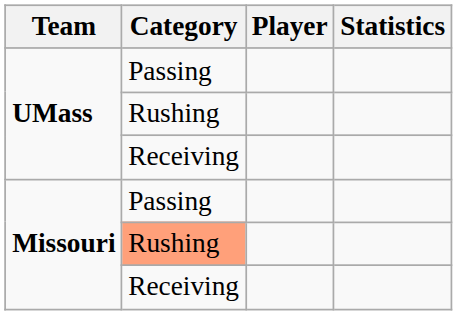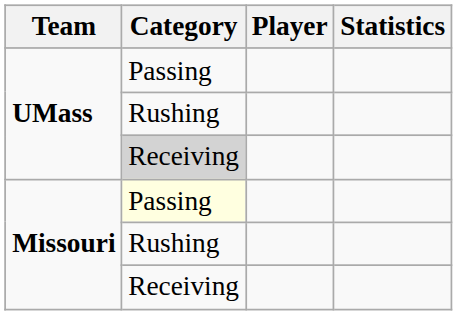 <table class="wikitable" style="float: right;">
 <tr>
 <th>Team</th>
 <th>Category</th>
 <th>Player</th>
 <th>Statistics</th>
 </tr>
 <tr>
 <td rowspan=3><strong>UMass</strong></td>
 <td>Passing</td>
 <td></td>
 <td></td>
 </tr>
 <tr>
 <td>Rushing</td>
 <td></td>
 <td></td>
 </tr>
 <tr>
-<td>Receiving</td>
+<td style="background: lightgrey;">Receiving</td>
 <td></td>
 <td></td>
 </tr>
 <tr>
 <td rowspan=3><strong>Missouri</strong></td>
-<td>Passing</td>
+<td style="background: lightyellow;">Passing</td>
 <td></td>
 <td></td>
 </tr>
 <tr>
-<td style="background: lightsalmon;">Rushing</td>
+<td>Rushing</td>
 <td></td>
 <td></td>
 </tr>
 <tr>
 <td>Receiving</td>
 <td></td>
 <td></td>
 </tr>
 </table>
